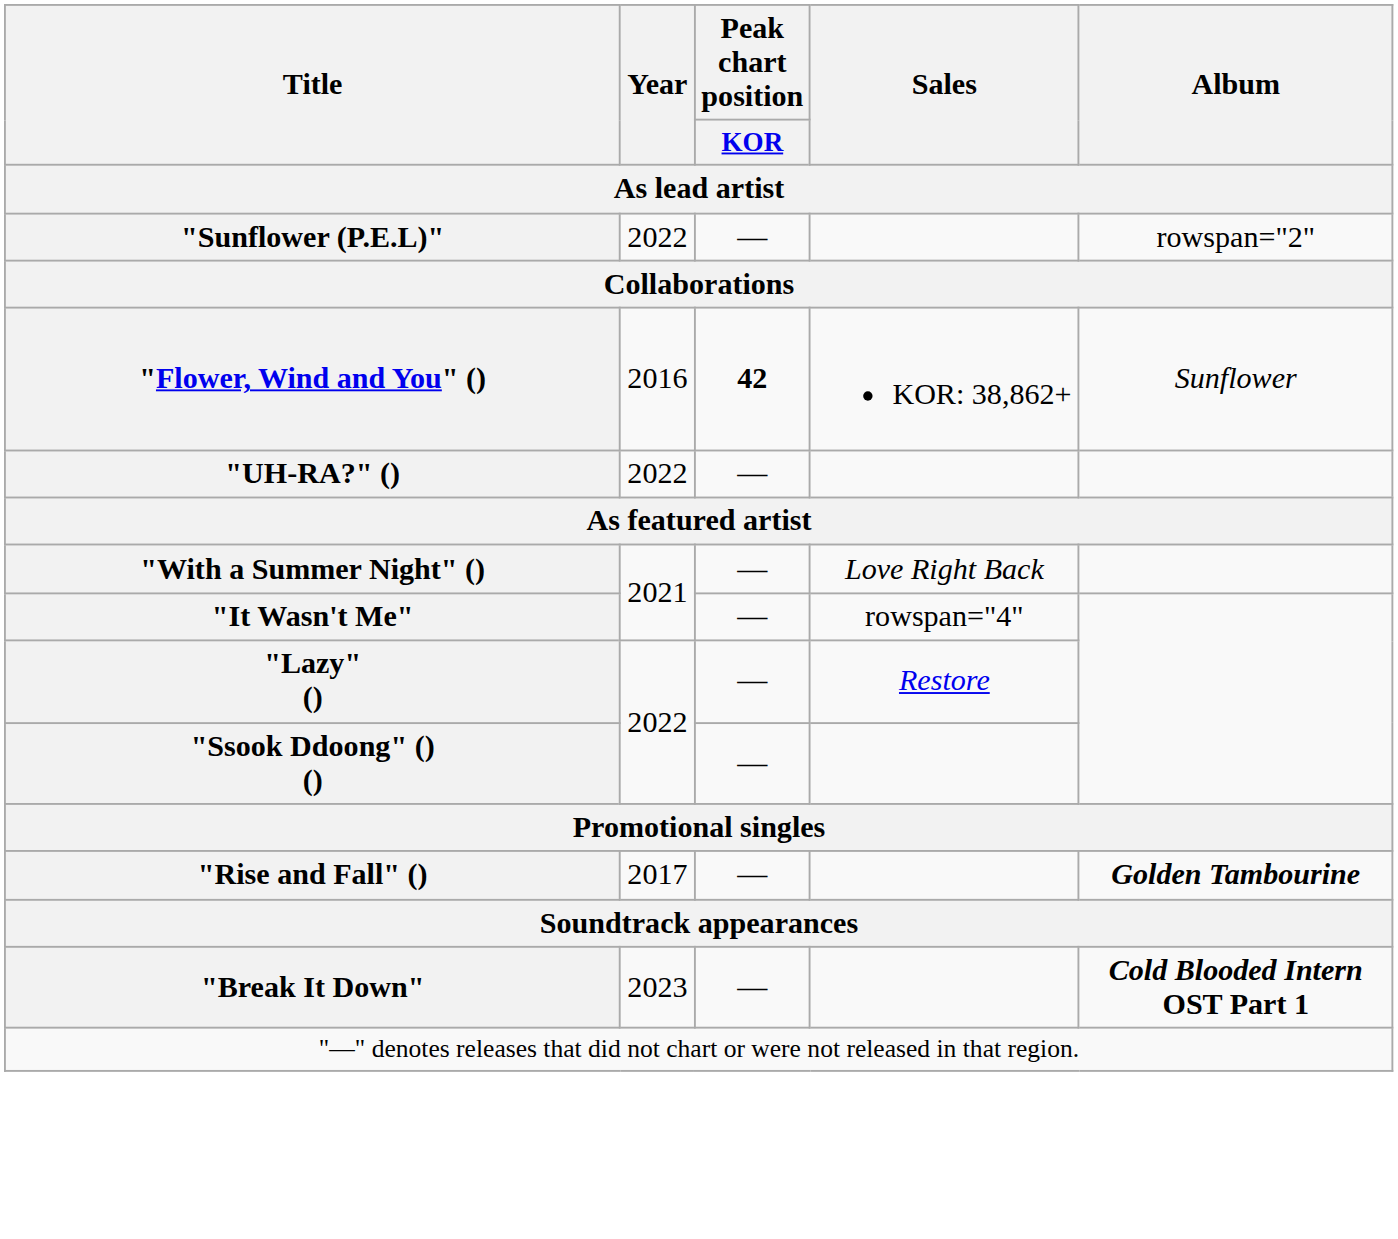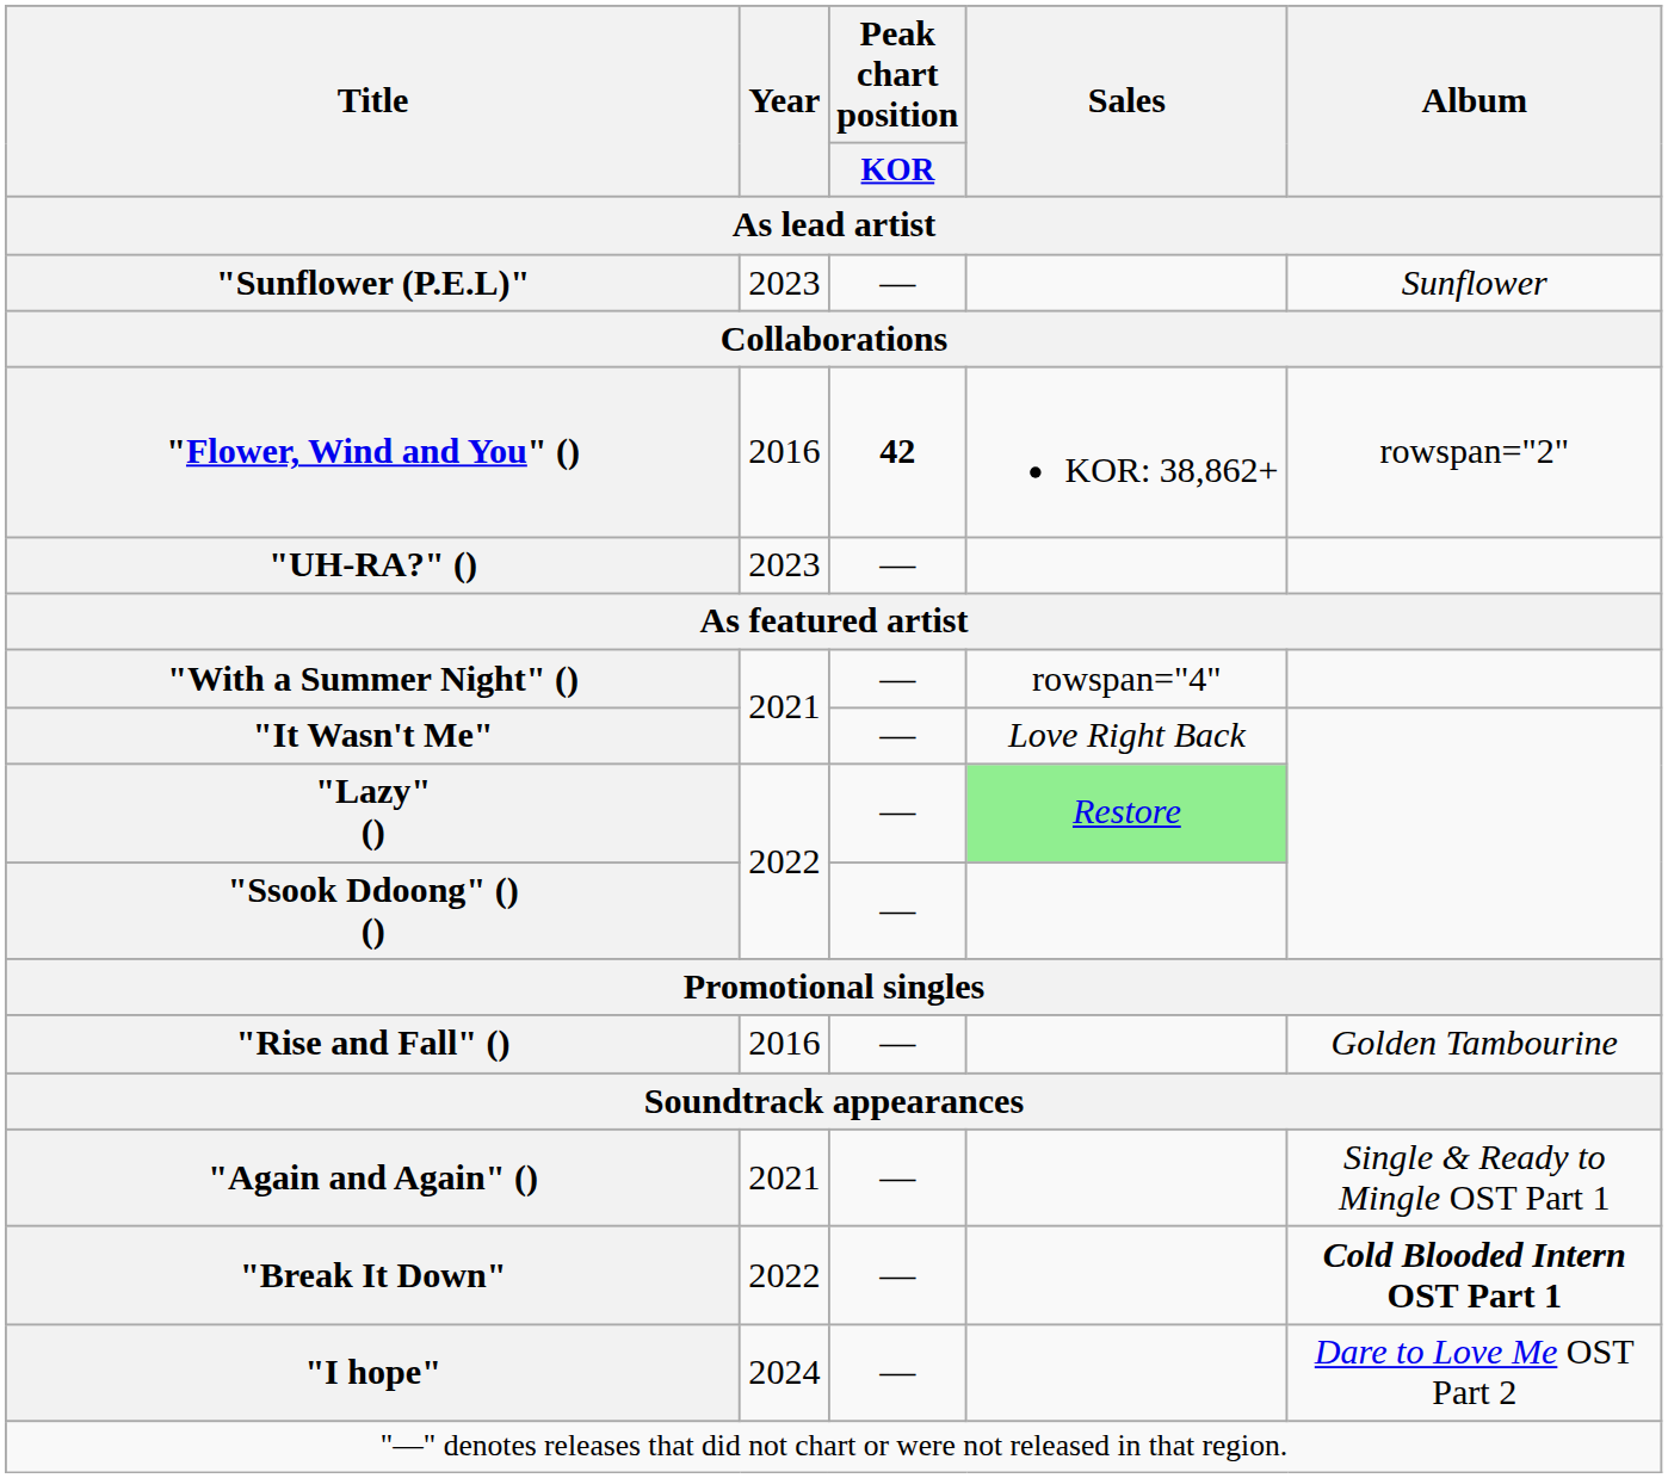 <table class="wikitable plainrowheaders" style="text-align:center">
 <tr>
 <th scope="col" rowspan="2" style="width:20em">Title</th>
 <th scope="col" rowspan="2">Year</th>
 <th scope="col">Peak chart position</th>
 <th scope="col" rowspan="2">Sales</th>
 <th scope="col" rowspan="2" style="width:10em">Album</th>
 </tr>
 <tr>
 <th style="width:3em;font-size:90%"><a href='#'>KOR</a><br></th>
 </tr>
 <tr>
 <th colspan="5">As lead artist</th>
 </tr>
 <tr>
 <th scope="row">"Sunflower (P.E.L)"</th>
-<td>2022</td>
+<td>2023</td>
 <td>—</td>
 <td></td>
-<td>rowspan="2" </td>
+<td><em>Sunflower</em></td>
 </tr>
 <tr>
 <th colspan="5">Collaborations</th>
 </tr>
 <tr>
 <th scope="row">"<a href='#'>Flower, Wind and You</a>" ()<br></th>
 <td>2016</td>
 <td><strong>42</strong></td>
 <td><br><ul><li>KOR: 38,862+</li></ul></td>
-<td><em>Sunflower</em></td>
+<td>rowspan="2" </td>
 </tr>
 <tr>
 <th scope="row">"UH-RA?" ()<br></th>
-<td>2022</td>
+<td>2023</td>
 <td>—</td>
 <td></td>
 </tr>
 <tr>
 <th colspan="5">As featured artist</th>
 </tr>
 <tr>
 <th scope="row">"With a Summer Night" ()<br></th>
 <td rowspan="2">2021</td>
 <td>—</td>
-<td><em>Love Right Back</em></td>
+<td>rowspan="4" </td>
 <td></td>
 </tr>
 <tr>
 <th scope="row">"It Wasn't Me"<br></th>
 <td>—</td>
-<td>rowspan="4" </td>
+<td><em>Love Right Back</em></td>
 </tr>
 <tr>
 <th scope="row">"Lazy"<br>()</th>
 <td rowspan="2">2022</td>
 <td>—</td>
-<td><em><a href='#'>Restore</a></em></td>
+<td style="background: lightgreen;"><em><a href='#'>Restore</a></em></td>
 </tr>
 <tr>
 <th scope="row">"Ssook Ddoong" ()<br>()</th>
 <td>—</td>
 <td></td>
 </tr>
 <tr>
 <th colspan="5">Promotional singles</th>
 </tr>
 <tr>
 <th scope="row">"Rise and Fall" ()<br></th>
-<td>2017</td>
+<td>2016</td>
 <td>—</td>
 <td></td>
-<td><strong><em>Golden Tambourine</em></strong></td>
+<td><em>Golden Tambourine</em></td>
 </tr>
 <tr>
 <th colspan="5">Soundtrack appearances</th>
 </tr>
 <tr>
+<th scope="row">"Again and Again" ()</th>
+<td>2021</td>
+<td>—</td>
+<td></td>
+<td><em>Single & Ready to Mingle</em> OST Part 1</td>
+</tr>
+<tr>
 <th scope="row">"Break It Down"</th>
-<td>2023</td>
+<td>2022</td>
 <td>—</td>
 <td></td>
 <td><strong><em>Cold Blooded Intern</em> OST Part 1</strong></td>
 </tr>
 <tr>
+<th scope="row">"I hope"</th>
+<td>2024</td>
+<td>—</td>
+<td></td>
+<td><em><a href='#'>Dare to Love Me</a></em> OST Part 2</td>
+</tr>
+<tr>
 <td colspan="5" style="font-size:85%">"—" denotes releases that did not chart or were not released in that region.</td>
 </tr>
 </table>
